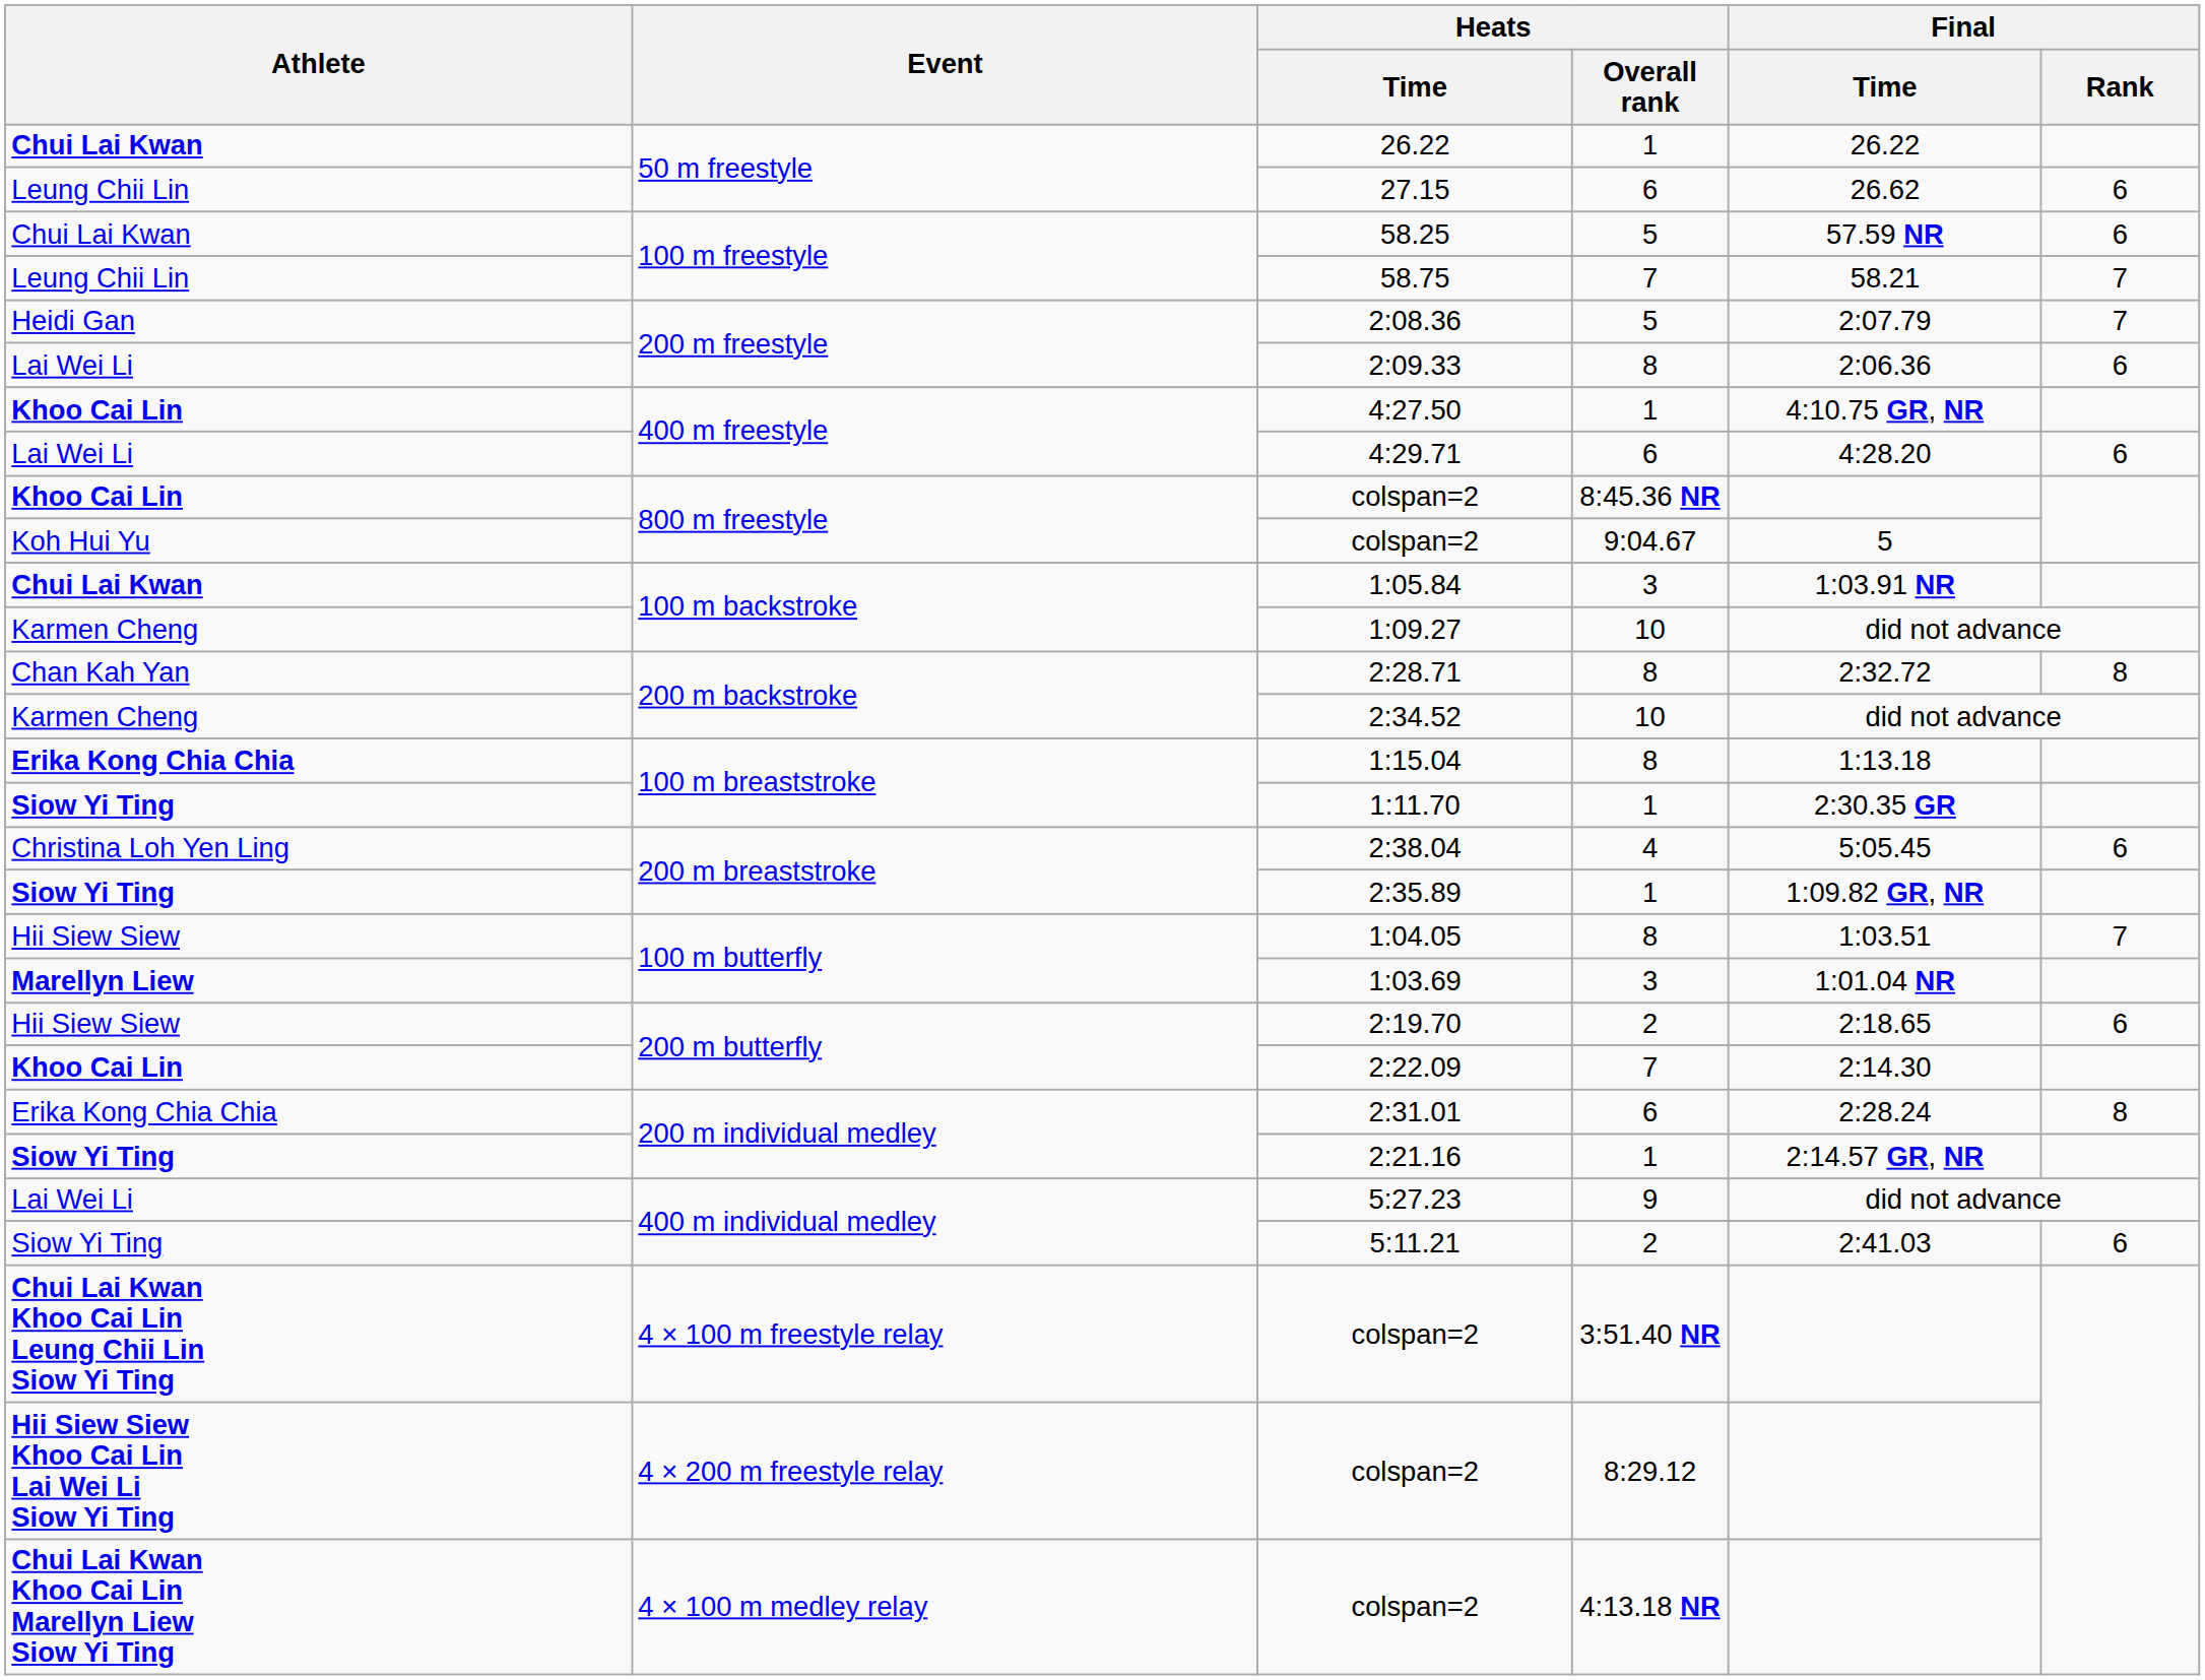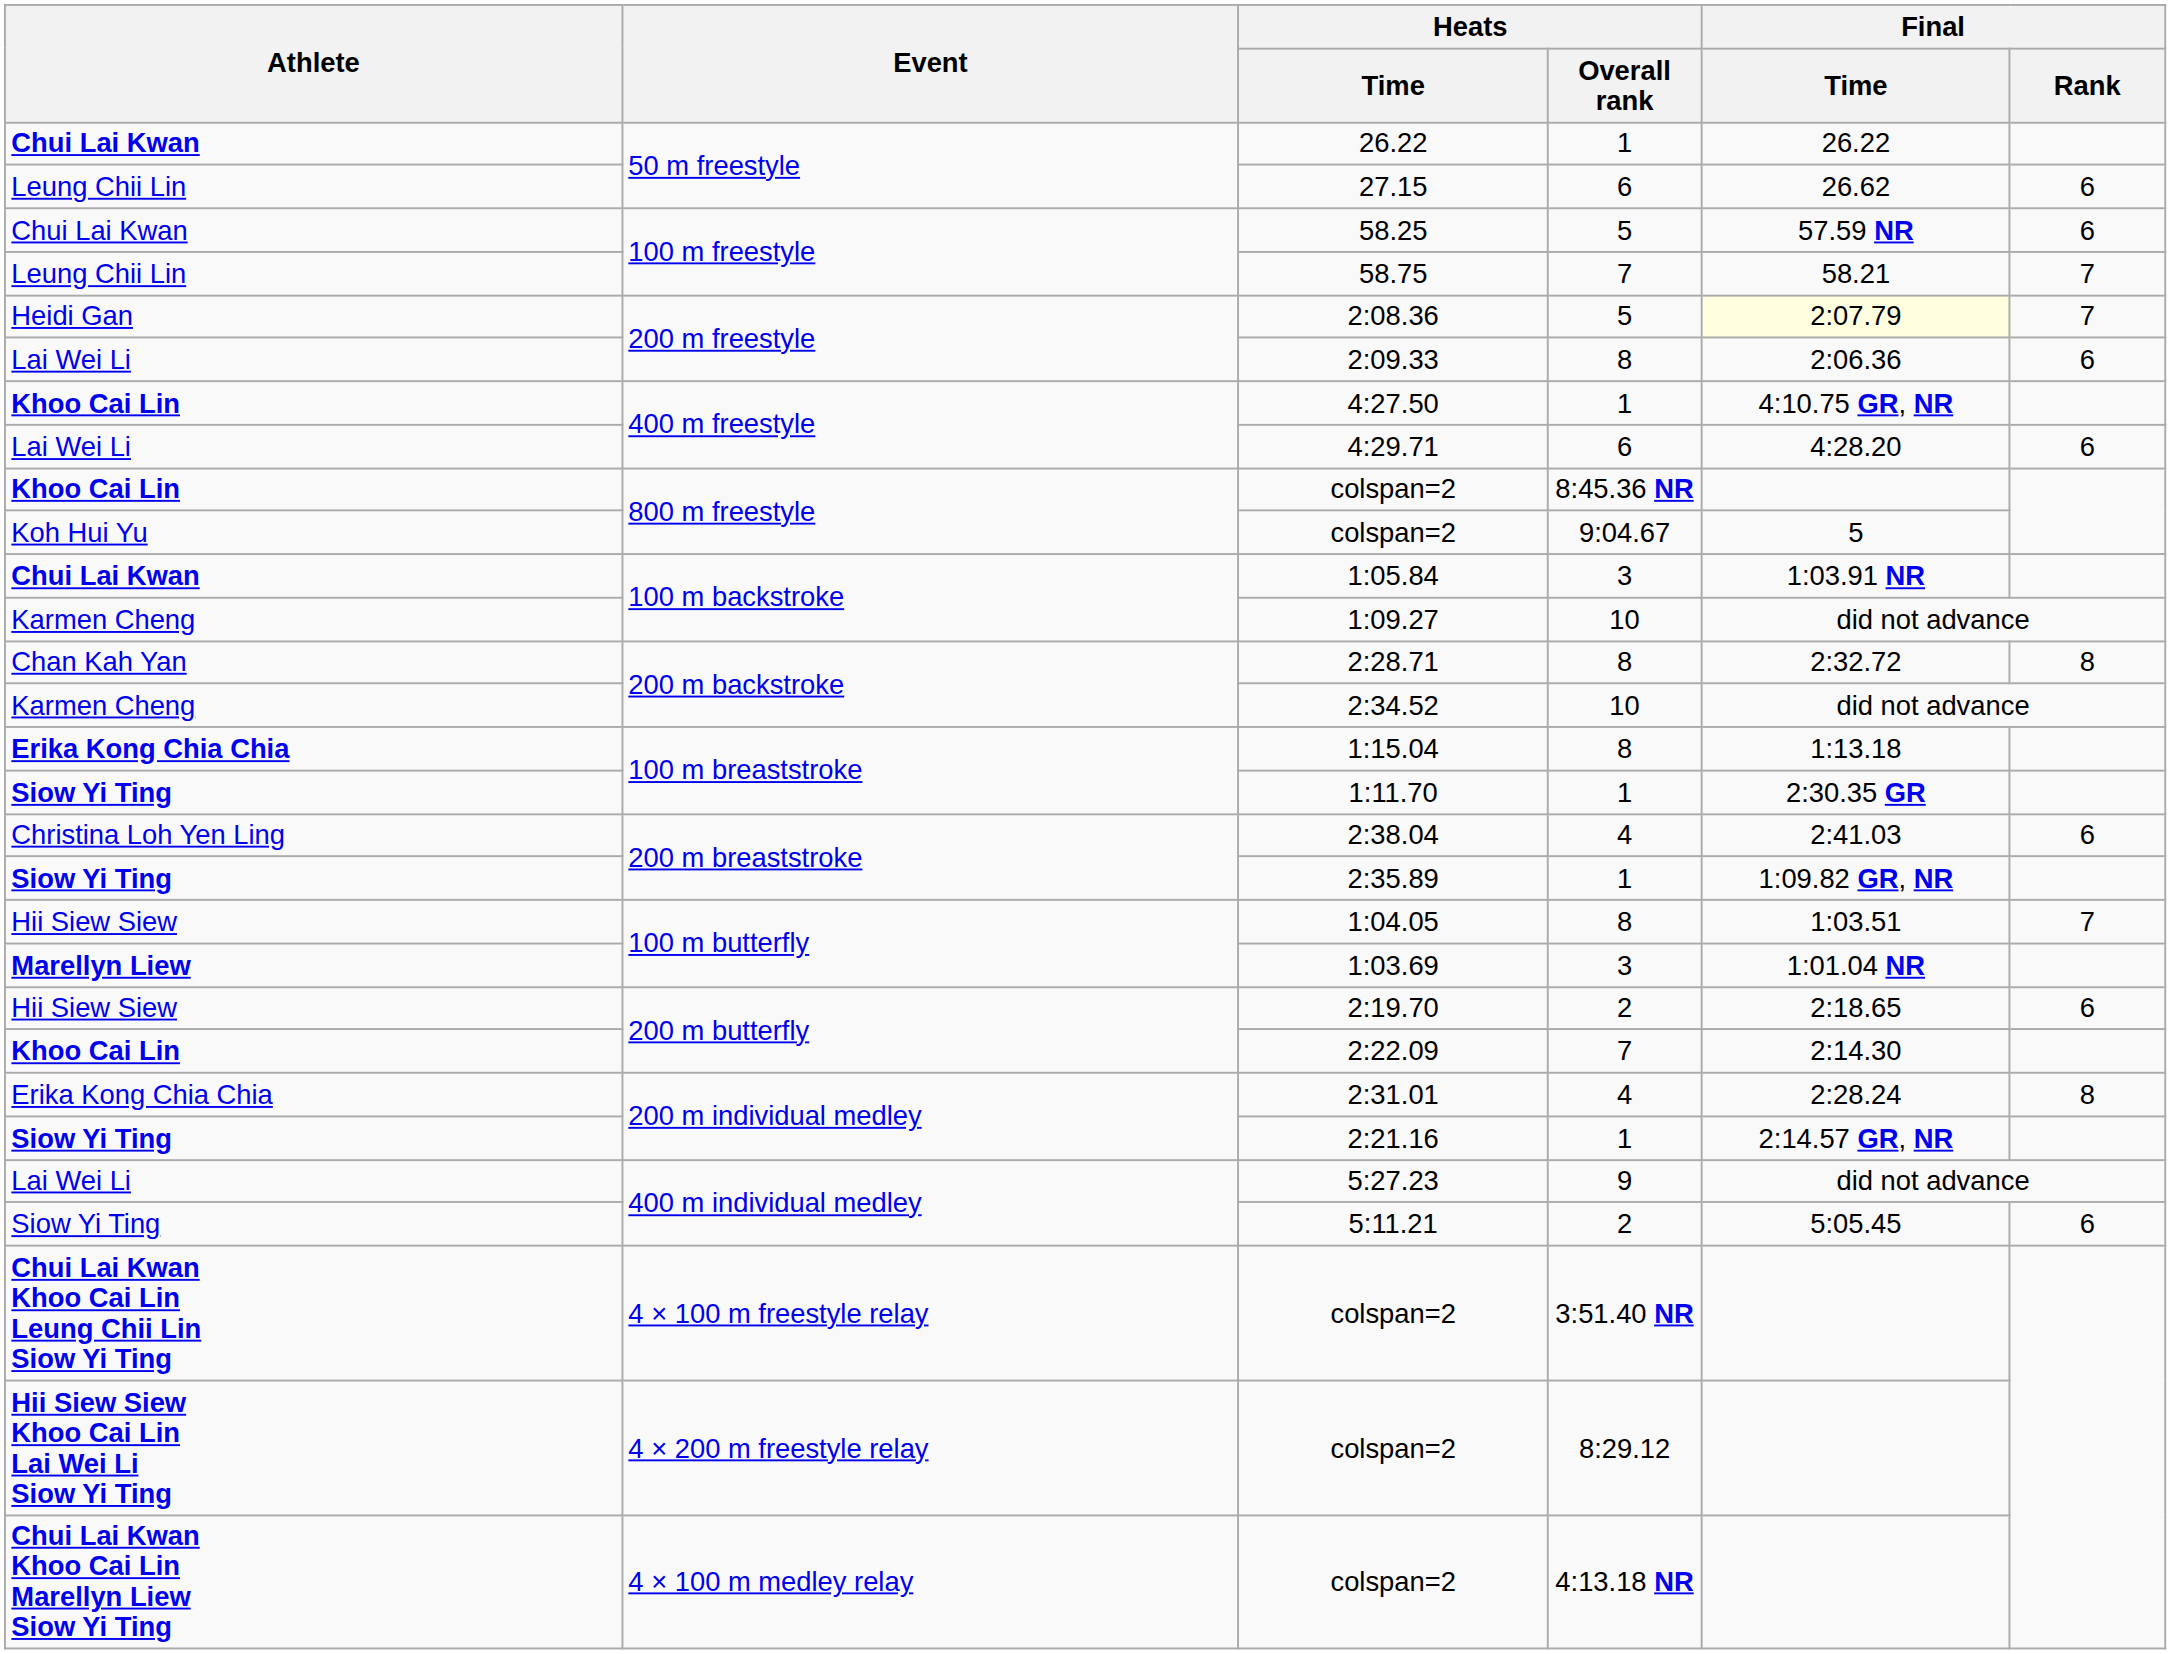 <table class="wikitable" width="90%" style="text-align:center; font-size:90%">
 <tr>
 <th rowspan="2" width="20%">Athlete</th>
 <th rowspan="2" width="20%">Event</th>
 <th colspan="2" width="15%">Heats</th>
 <th colspan="2" width="15%">Final</th>
 </tr>
 <tr>
 <th width="10%">Time</th>
 <th>Overall rank</th>
 <th width="10%">Time</th>
 <th>Rank</th>
 </tr>
 <tr>
 <td align=left><strong><a href='#'>Chui Lai Kwan</a></strong></td>
 <td rowspan=2 align=left><a href='#'>50 m freestyle</a></td>
 <td>26.22</td>
 <td>1 <strong></strong></td>
 <td>26.22</td>
 <td></td>
 </tr>
 <tr>
 <td align=left><a href='#'>Leung Chii Lin</a></td>
 <td>27.15</td>
 <td>6 <strong></strong></td>
 <td>26.62</td>
 <td>6</td>
 </tr>
 <tr>
 <td align=left><a href='#'>Chui Lai Kwan</a></td>
 <td rowspan=2 align=left><a href='#'>100 m freestyle</a></td>
 <td>58.25</td>
 <td>5 <strong></strong></td>
 <td>57.59 <strong><a href='#'>NR</a></strong></td>
 <td>6</td>
 </tr>
 <tr>
 <td align=left><a href='#'>Leung Chii Lin</a></td>
 <td>58.75</td>
 <td>7 <strong></strong></td>
 <td>58.21</td>
 <td>7</td>
 </tr>
 <tr>
 <td align=left><a href='#'>Heidi Gan</a></td>
 <td rowspan=2 align=left><a href='#'>200 m freestyle</a></td>
 <td>2:08.36</td>
 <td>5 <strong></strong></td>
-<td>2:07.79</td>
+<td style="background: lightyellow;">2:07.79</td>
 <td>7</td>
 </tr>
 <tr>
 <td align=left><a href='#'>Lai Wei Li</a></td>
 <td>2:09.33</td>
 <td>8 <strong></strong></td>
 <td>2:06.36</td>
 <td>6</td>
 </tr>
 <tr>
 <td align=left><strong><a href='#'>Khoo Cai Lin</a></strong></td>
 <td rowspan=2 align=left><a href='#'>400 m freestyle</a></td>
 <td>4:27.50</td>
 <td>1 <strong></strong></td>
 <td>4:10.75 <strong><a href='#'>GR</a></strong>, <strong><a href='#'>NR</a></strong></td>
 <td></td>
 </tr>
 <tr>
 <td align=left><a href='#'>Lai Wei Li</a></td>
 <td>4:29.71</td>
 <td>6 <strong></strong></td>
 <td>4:28.20</td>
 <td>6</td>
 </tr>
 <tr>
 <td align=left><strong><a href='#'>Khoo Cai Lin</a></strong></td>
 <td rowspan=2 align=left><a href='#'>800 m freestyle</a></td>
 <td>colspan=2 </td>
 <td>8:45.36 <strong><a href='#'>NR</a></strong></td>
 <td></td>
 </tr>
 <tr>
 <td align=left><a href='#'>Koh Hui Yu</a></td>
 <td>colspan=2 </td>
 <td>9:04.67</td>
 <td>5</td>
 </tr>
 <tr>
 <td align=left><strong><a href='#'>Chui Lai Kwan</a></strong></td>
 <td rowspan=2 align=left><a href='#'>100 m backstroke</a></td>
 <td>1:05.84</td>
 <td>3 <strong></strong></td>
 <td>1:03.91 <strong><a href='#'>NR</a></strong></td>
 <td></td>
 </tr>
 <tr>
 <td align=left><a href='#'>Karmen Cheng</a></td>
 <td>1:09.27</td>
 <td>10</td>
 <td colspan=2>did not advance</td>
 </tr>
 <tr>
 <td align=left><a href='#'>Chan Kah Yan</a></td>
 <td rowspan=2 align=left><a href='#'>200 m backstroke</a></td>
 <td>2:28.71</td>
 <td>8 <strong></strong></td>
 <td>2:32.72</td>
 <td>8</td>
 </tr>
 <tr>
 <td align=left><a href='#'>Karmen Cheng</a></td>
 <td>2:34.52</td>
 <td>10</td>
 <td colspan=2>did not advance</td>
 </tr>
 <tr>
 <td align=left><strong><a href='#'>Erika Kong Chia Chia</a></strong></td>
 <td rowspan=2 align=left><a href='#'>100 m breaststroke</a></td>
 <td>1:15.04</td>
 <td>8 <strong></strong></td>
 <td>1:13.18</td>
 <td></td>
 </tr>
 <tr>
 <td align=left><strong><a href='#'>Siow Yi Ting</a></strong></td>
 <td>1:11.70</td>
 <td>1 <strong></strong></td>
 <td>2:30.35 <strong><a href='#'>GR</a></strong></td>
 <td></td>
 </tr>
 <tr>
 <td align=left><a href='#'>Christina Loh Yen Ling</a></td>
 <td rowspan=2 align=left><a href='#'>200 m breaststroke</a></td>
 <td>2:38.04</td>
 <td>4 <strong></strong></td>
-<td>5:05.45</td>
+<td>2:41.03</td>
 <td>6</td>
 </tr>
 <tr>
 <td align=left><strong><a href='#'>Siow Yi Ting</a></strong></td>
 <td>2:35.89</td>
 <td>1 <strong></strong></td>
 <td>1:09.82 <strong><a href='#'>GR</a></strong>, <strong><a href='#'>NR</a></strong></td>
 <td></td>
 </tr>
 <tr>
 <td align=left><a href='#'>Hii Siew Siew</a></td>
 <td rowspan=2 align=left><a href='#'>100 m butterfly</a></td>
 <td>1:04.05</td>
 <td>8 <strong></strong></td>
 <td>1:03.51</td>
 <td>7</td>
 </tr>
 <tr>
 <td align=left><strong><a href='#'>Marellyn Liew</a></strong></td>
 <td>1:03.69</td>
 <td>3 <strong></strong></td>
 <td>1:01.04 <strong><a href='#'>NR</a></strong></td>
 <td></td>
 </tr>
 <tr>
 <td align=left><a href='#'>Hii Siew Siew</a></td>
 <td rowspan=2 align=left><a href='#'>200 m butterfly</a></td>
 <td>2:19.70</td>
 <td>2 <strong></strong></td>
 <td>2:18.65</td>
 <td>6</td>
 </tr>
 <tr>
 <td align=left><strong><a href='#'>Khoo Cai Lin</a></strong></td>
 <td>2:22.09</td>
 <td>7 <strong></strong></td>
 <td>2:14.30</td>
 <td></td>
 </tr>
 <tr>
 <td align=left><a href='#'>Erika Kong Chia Chia</a></td>
 <td rowspan=2 align=left><a href='#'>200 m individual medley</a></td>
 <td>2:31.01</td>
-<td>6 <strong></strong></td>
+<td>4 <strong></strong></td>
 <td>2:28.24</td>
 <td>8</td>
 </tr>
 <tr>
 <td align=left><strong><a href='#'>Siow Yi Ting</a></strong></td>
 <td>2:21.16</td>
 <td>1 <strong></strong></td>
 <td>2:14.57 <strong><a href='#'>GR</a></strong>, <strong><a href='#'>NR</a></strong></td>
 <td></td>
 </tr>
 <tr>
 <td align=left><a href='#'>Lai Wei Li</a></td>
 <td rowspan=2 align=left><a href='#'>400 m individual medley</a></td>
 <td>5:27.23</td>
 <td>9</td>
 <td colspan=2>did not advance</td>
 </tr>
 <tr>
 <td align=left><a href='#'>Siow Yi Ting</a></td>
 <td>5:11.21</td>
 <td>2 <strong></strong></td>
-<td>2:41.03</td>
+<td>5:05.45</td>
 <td>6</td>
 </tr>
 <tr>
 <td align=left><strong><a href='#'>Chui Lai Kwan</a><br><a href='#'>Khoo Cai Lin</a><br><a href='#'>Leung Chii Lin</a><br><a href='#'>Siow Yi Ting</a></strong></td>
 <td align=left><a href='#'>4 × 100 m freestyle relay</a></td>
 <td>colspan=2 </td>
 <td>3:51.40 <strong><a href='#'>NR</a></strong></td>
 <td></td>
 </tr>
 <tr>
 <td align=left><strong><a href='#'>Hii Siew Siew</a><br><a href='#'>Khoo Cai Lin</a><br><a href='#'>Lai Wei Li</a><br><a href='#'>Siow Yi Ting</a></strong></td>
 <td align=left><a href='#'>4 × 200 m freestyle relay</a></td>
 <td>colspan=2 </td>
 <td>8:29.12</td>
 <td></td>
 </tr>
 <tr>
 <td align=left><strong><a href='#'>Chui Lai Kwan</a><br><a href='#'>Khoo Cai Lin</a><br><a href='#'>Marellyn Liew</a><br><a href='#'>Siow Yi Ting</a></strong></td>
 <td align=left><a href='#'>4 × 100 m medley relay</a></td>
 <td>colspan=2 </td>
 <td>4:13.18 <strong><a href='#'>NR</a></strong></td>
 <td></td>
 </tr>
 </table>
